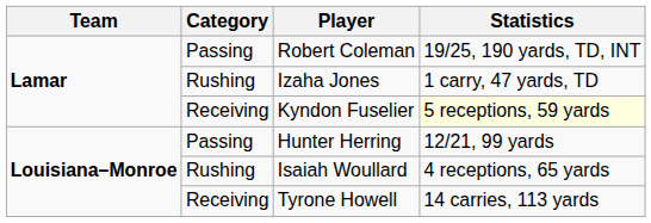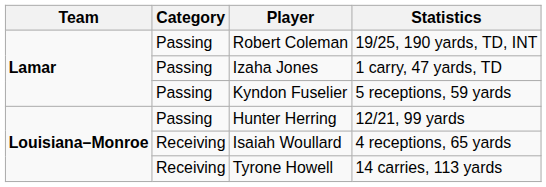 <table class="wikitable" style="float: right;">
 <tr>
 <th>Team</th>
 <th>Category</th>
 <th>Player</th>
 <th>Statistics</th>
 </tr>
 <tr>
 <td rowspan=3><strong>Lamar</strong></td>
 <td>Passing</td>
 <td>Robert Coleman</td>
 <td>19/25, 190 yards, TD, INT</td>
 </tr>
 <tr>
-<td>Rushing</td>
+<td>Passing</td>
 <td>Izaha Jones</td>
 <td>1 carry, 47 yards, TD</td>
 </tr>
 <tr>
-<td>Receiving</td>
+<td>Passing</td>
 <td>Kyndon Fuselier</td>
-<td style="background: lightyellow;">5 receptions, 59 yards</td>
+<td>5 receptions, 59 yards</td>
 </tr>
 <tr>
 <td rowspan=3><strong>Louisiana–Monroe</strong></td>
 <td>Passing</td>
 <td>Hunter Herring</td>
 <td>12/21, 99 yards</td>
 </tr>
 <tr>
-<td>Rushing</td>
+<td>Receiving</td>
 <td>Isaiah Woullard</td>
 <td>4 receptions, 65 yards</td>
 </tr>
 <tr>
 <td>Receiving</td>
 <td>Tyrone Howell</td>
 <td>14 carries, 113 yards</td>
 </tr>
 </table>
